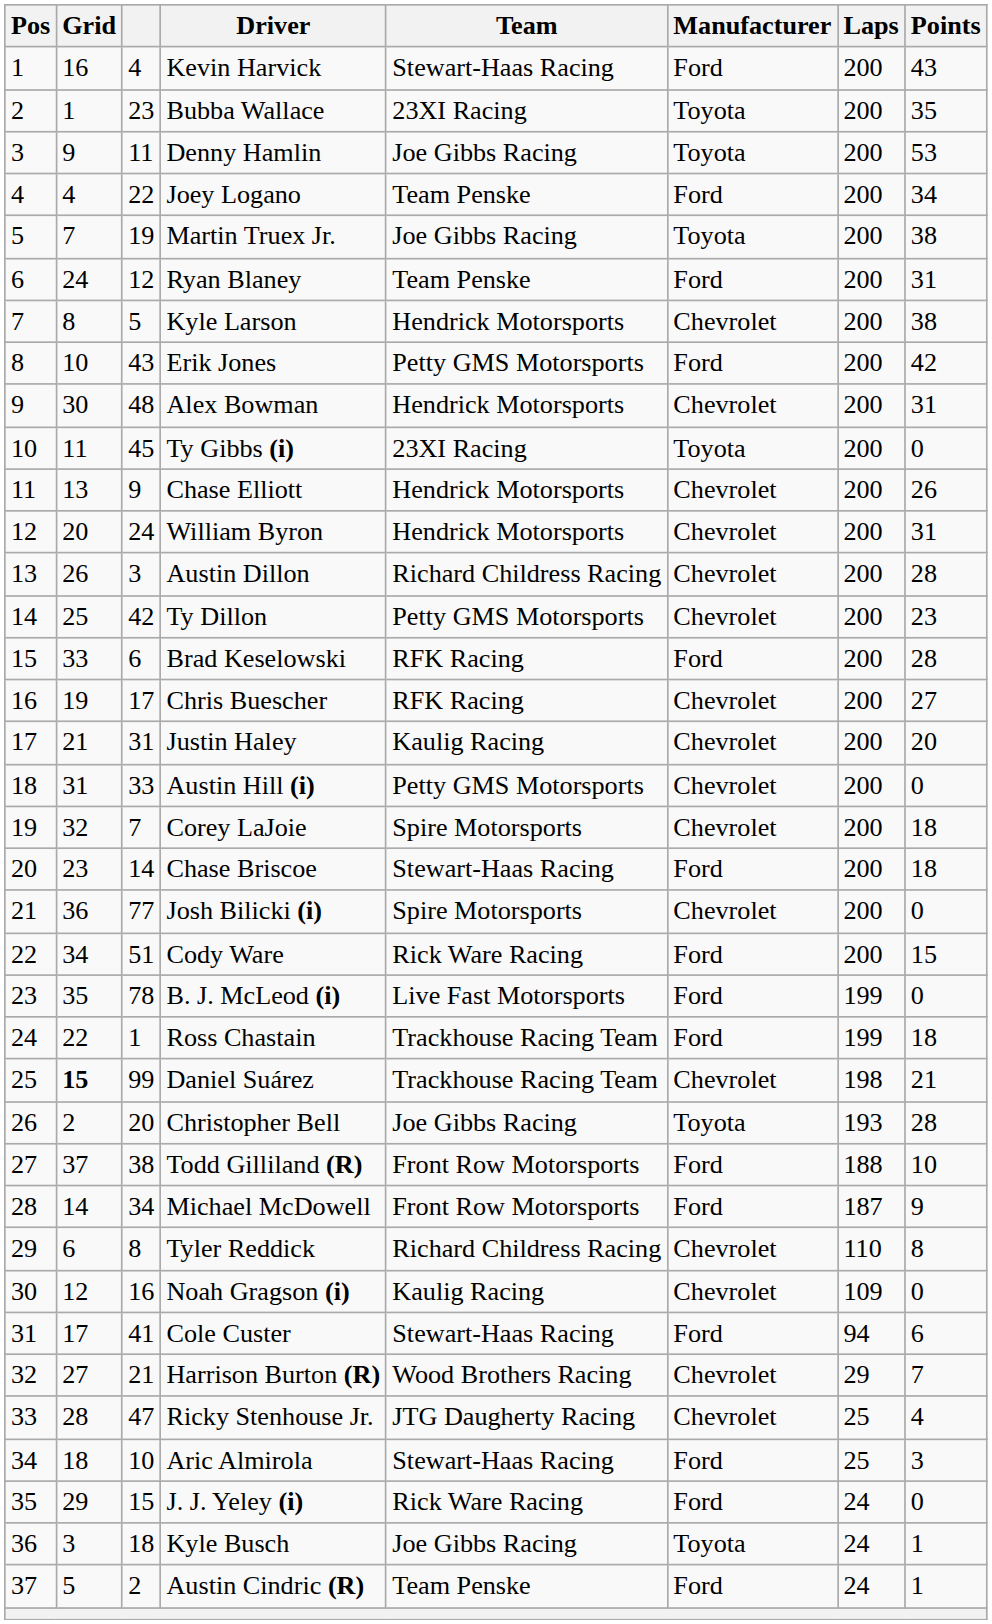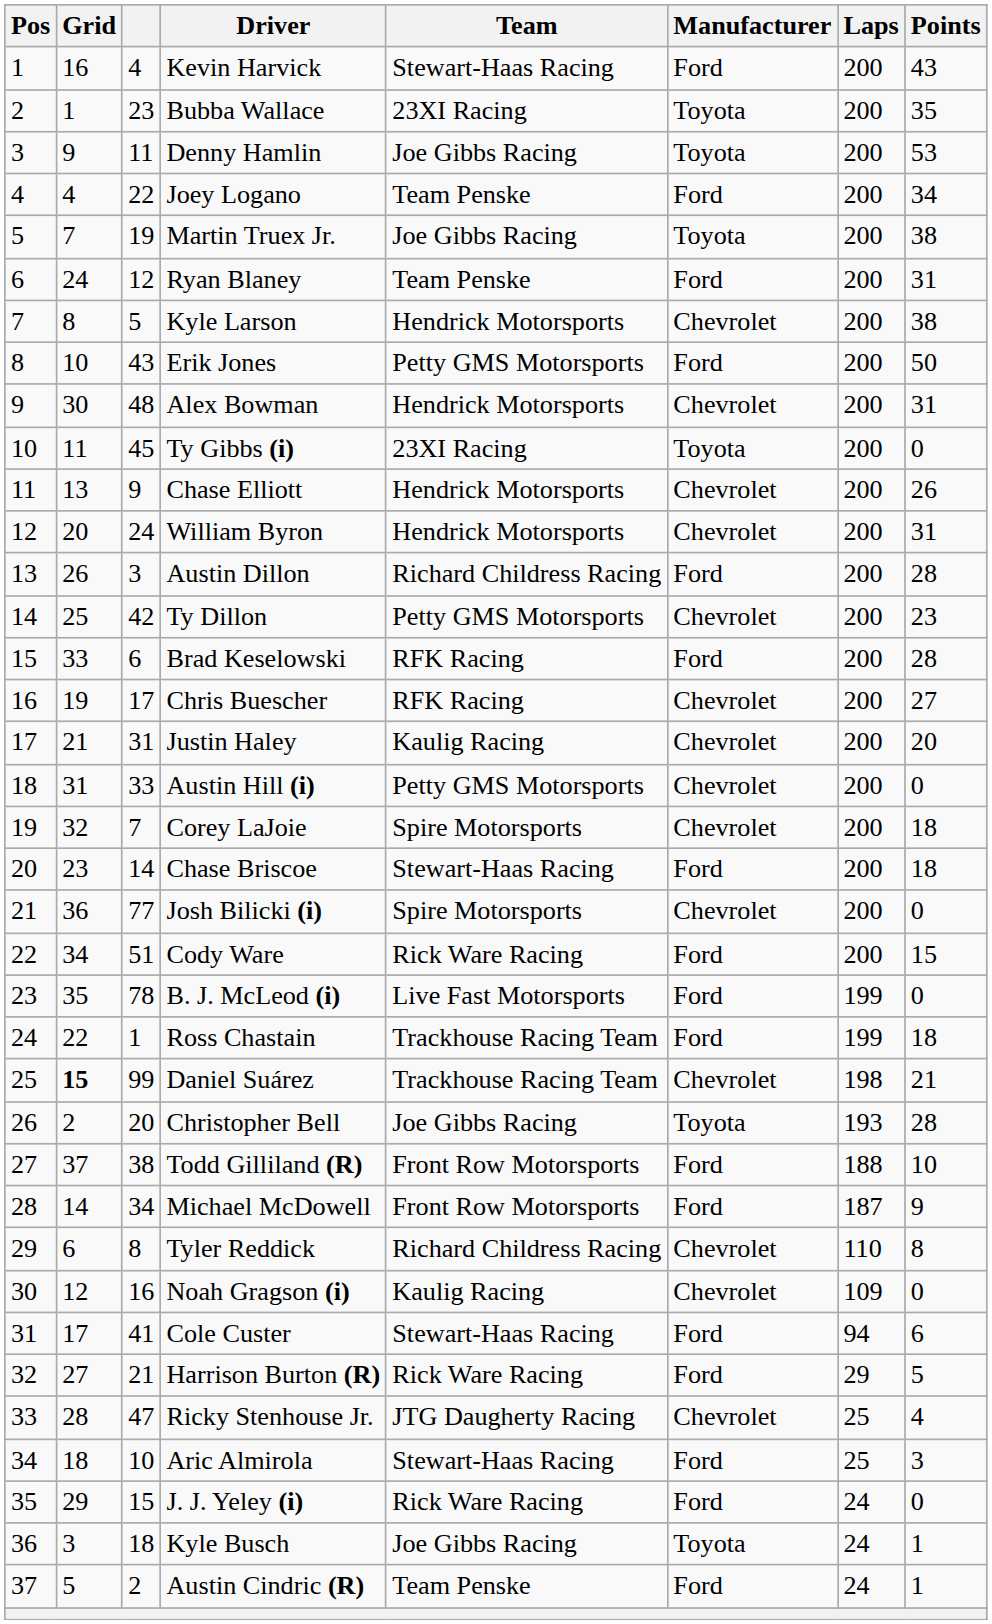 <table class="wikitable" style="font-size:98%">
 <tr>
 <th>Pos</th>
 <th>Grid</th>
 <th></th>
 <th>Driver</th>
 <th>Team</th>
 <th>Manufacturer</th>
 <th>Laps</th>
 <th>Points</th>
 </tr>
 <tr>
 <td>1</td>
 <td>16</td>
 <td>4</td>
 <td>Kevin Harvick</td>
 <td>Stewart-Haas Racing</td>
 <td>Ford</td>
 <td>200</td>
 <td>43</td>
 </tr>
 <tr>
 <td>2</td>
 <td>1</td>
 <td>23</td>
 <td>Bubba Wallace</td>
 <td>23XI Racing</td>
 <td>Toyota</td>
 <td>200</td>
 <td>35</td>
 </tr>
 <tr>
 <td>3</td>
 <td>9</td>
 <td>11</td>
 <td>Denny Hamlin</td>
 <td>Joe Gibbs Racing</td>
 <td>Toyota</td>
 <td>200</td>
 <td>53</td>
 </tr>
 <tr>
 <td>4</td>
 <td>4</td>
 <td>22</td>
 <td>Joey Logano</td>
 <td>Team Penske</td>
 <td>Ford</td>
 <td>200</td>
 <td>34</td>
 </tr>
 <tr>
 <td>5</td>
 <td>7</td>
 <td>19</td>
 <td>Martin Truex Jr.</td>
 <td>Joe Gibbs Racing</td>
 <td>Toyota</td>
 <td>200</td>
 <td>38</td>
 </tr>
 <tr>
 <td>6</td>
 <td>24</td>
 <td>12</td>
 <td>Ryan Blaney</td>
 <td>Team Penske</td>
 <td>Ford</td>
 <td>200</td>
 <td>31</td>
 </tr>
 <tr>
 <td>7</td>
 <td>8</td>
 <td>5</td>
 <td>Kyle Larson</td>
 <td>Hendrick Motorsports</td>
 <td>Chevrolet</td>
 <td>200</td>
 <td>38</td>
 </tr>
 <tr>
 <td>8</td>
 <td>10</td>
 <td>43</td>
 <td>Erik Jones</td>
 <td>Petty GMS Motorsports</td>
 <td>Ford</td>
 <td>200</td>
-<td>42</td>
+<td>50</td>
 </tr>
 <tr>
 <td>9</td>
 <td>30</td>
 <td>48</td>
 <td>Alex Bowman</td>
 <td>Hendrick Motorsports</td>
 <td>Chevrolet</td>
 <td>200</td>
 <td>31</td>
 </tr>
 <tr>
 <td>10</td>
 <td>11</td>
 <td>45</td>
 <td>Ty Gibbs <strong>(i)</strong></td>
 <td>23XI Racing</td>
 <td>Toyota</td>
 <td>200</td>
 <td>0</td>
 </tr>
 <tr>
 <td>11</td>
 <td>13</td>
 <td>9</td>
 <td>Chase Elliott</td>
 <td>Hendrick Motorsports</td>
 <td>Chevrolet</td>
 <td>200</td>
 <td>26</td>
 </tr>
 <tr>
 <td>12</td>
 <td>20</td>
 <td>24</td>
 <td>William Byron</td>
 <td>Hendrick Motorsports</td>
 <td>Chevrolet</td>
 <td>200</td>
 <td>31</td>
 </tr>
 <tr>
 <td>13</td>
 <td>26</td>
 <td>3</td>
 <td>Austin Dillon</td>
 <td>Richard Childress Racing</td>
-<td>Chevrolet</td>
+<td>Ford</td>
 <td>200</td>
 <td>28</td>
 </tr>
 <tr>
 <td>14</td>
 <td>25</td>
 <td>42</td>
 <td>Ty Dillon</td>
 <td>Petty GMS Motorsports</td>
 <td>Chevrolet</td>
 <td>200</td>
 <td>23</td>
 </tr>
 <tr>
 <td>15</td>
 <td>33</td>
 <td>6</td>
 <td>Brad Keselowski</td>
 <td>RFK Racing</td>
 <td>Ford</td>
 <td>200</td>
 <td>28</td>
 </tr>
 <tr>
 <td>16</td>
 <td>19</td>
 <td>17</td>
 <td>Chris Buescher</td>
 <td>RFK Racing</td>
 <td>Chevrolet</td>
 <td>200</td>
 <td>27</td>
 </tr>
 <tr>
 <td>17</td>
 <td>21</td>
 <td>31</td>
 <td>Justin Haley</td>
 <td>Kaulig Racing</td>
 <td>Chevrolet</td>
 <td>200</td>
 <td>20</td>
 </tr>
 <tr>
 <td>18</td>
 <td>31</td>
 <td>33</td>
 <td>Austin Hill <strong>(i)</strong></td>
 <td>Petty GMS Motorsports</td>
 <td>Chevrolet</td>
 <td>200</td>
 <td>0</td>
 </tr>
 <tr>
 <td>19</td>
 <td>32</td>
 <td>7</td>
 <td>Corey LaJoie</td>
 <td>Spire Motorsports</td>
 <td>Chevrolet</td>
 <td>200</td>
 <td>18</td>
 </tr>
 <tr>
 <td>20</td>
 <td>23</td>
 <td>14</td>
 <td>Chase Briscoe</td>
 <td>Stewart-Haas Racing</td>
 <td>Ford</td>
 <td>200</td>
 <td>18</td>
 </tr>
 <tr>
 <td>21</td>
 <td>36</td>
 <td>77</td>
 <td>Josh Bilicki <strong>(i)</strong></td>
 <td>Spire Motorsports</td>
 <td>Chevrolet</td>
 <td>200</td>
 <td>0</td>
 </tr>
 <tr>
 <td>22</td>
 <td>34</td>
 <td>51</td>
 <td>Cody Ware</td>
 <td>Rick Ware Racing</td>
 <td>Ford</td>
 <td>200</td>
 <td>15</td>
 </tr>
 <tr>
 <td>23</td>
 <td>35</td>
 <td>78</td>
 <td>B. J. McLeod <strong>(i)</strong></td>
 <td>Live Fast Motorsports</td>
 <td>Ford</td>
 <td>199</td>
 <td>0</td>
 </tr>
 <tr>
 <td>24</td>
 <td>22</td>
 <td>1</td>
 <td>Ross Chastain</td>
 <td>Trackhouse Racing Team</td>
 <td>Ford</td>
 <td>199</td>
 <td>18</td>
 </tr>
 <tr>
 <td>25</td>
 <td><strong>15</strong></td>
 <td>99</td>
 <td>Daniel Suárez</td>
 <td>Trackhouse Racing Team</td>
 <td>Chevrolet</td>
 <td>198</td>
 <td>21</td>
 </tr>
 <tr>
 <td>26</td>
 <td>2</td>
 <td>20</td>
 <td>Christopher Bell</td>
 <td>Joe Gibbs Racing</td>
 <td>Toyota</td>
 <td>193</td>
 <td>28</td>
 </tr>
 <tr>
 <td>27</td>
 <td>37</td>
 <td>38</td>
 <td>Todd Gilliland <strong>(R)</strong></td>
 <td>Front Row Motorsports</td>
 <td>Ford</td>
 <td>188</td>
 <td>10</td>
 </tr>
 <tr>
 <td>28</td>
 <td>14</td>
 <td>34</td>
 <td>Michael McDowell</td>
 <td>Front Row Motorsports</td>
 <td>Ford</td>
 <td>187</td>
 <td>9</td>
 </tr>
 <tr>
 <td>29</td>
 <td>6</td>
 <td>8</td>
 <td>Tyler Reddick</td>
 <td>Richard Childress Racing</td>
 <td>Chevrolet</td>
 <td>110</td>
 <td>8</td>
 </tr>
 <tr>
 <td>30</td>
 <td>12</td>
 <td>16</td>
 <td>Noah Gragson <strong>(i)</strong></td>
 <td>Kaulig Racing</td>
 <td>Chevrolet</td>
 <td>109</td>
 <td>0</td>
 </tr>
 <tr>
 <td>31</td>
 <td>17</td>
 <td>41</td>
 <td>Cole Custer</td>
 <td>Stewart-Haas Racing</td>
 <td>Ford</td>
 <td>94</td>
 <td>6</td>
 </tr>
 <tr>
 <td>32</td>
 <td>27</td>
 <td>21</td>
 <td>Harrison Burton <strong>(R)</strong></td>
-<td>Wood Brothers Racing</td>
-<td>Chevrolet</td>
+<td>Rick Ware Racing</td>
+<td>Ford</td>
 <td>29</td>
-<td>7</td>
+<td>5</td>
 </tr>
 <tr>
 <td>33</td>
 <td>28</td>
 <td>47</td>
 <td>Ricky Stenhouse Jr.</td>
 <td>JTG Daugherty Racing</td>
 <td>Chevrolet</td>
 <td>25</td>
 <td>4</td>
 </tr>
 <tr>
 <td>34</td>
 <td>18</td>
 <td>10</td>
 <td>Aric Almirola</td>
 <td>Stewart-Haas Racing</td>
 <td>Ford</td>
 <td>25</td>
 <td>3</td>
 </tr>
 <tr>
 <td>35</td>
 <td>29</td>
 <td>15</td>
 <td>J. J. Yeley <strong>(i)</strong></td>
 <td>Rick Ware Racing</td>
 <td>Ford</td>
 <td>24</td>
 <td>0</td>
 </tr>
 <tr>
 <td>36</td>
 <td>3</td>
 <td>18</td>
 <td>Kyle Busch</td>
 <td>Joe Gibbs Racing</td>
 <td>Toyota</td>
 <td>24</td>
 <td>1</td>
 </tr>
 <tr>
 <td>37</td>
 <td>5</td>
 <td>2</td>
 <td>Austin Cindric <strong>(R)</strong></td>
 <td>Team Penske</td>
 <td>Ford</td>
 <td>24</td>
 <td>1</td>
 </tr>
 <tr>
 <th colspan="8"></th>
 </tr>
 </table>
